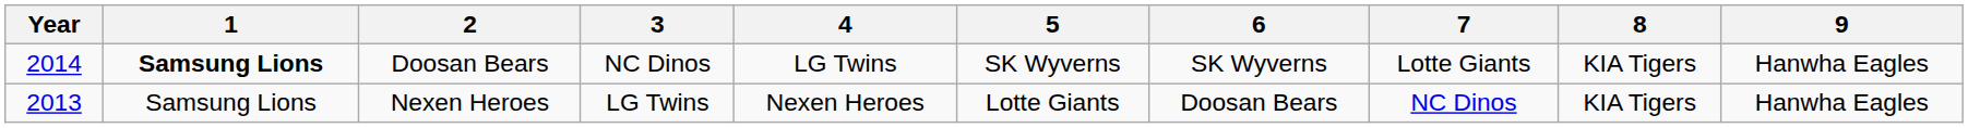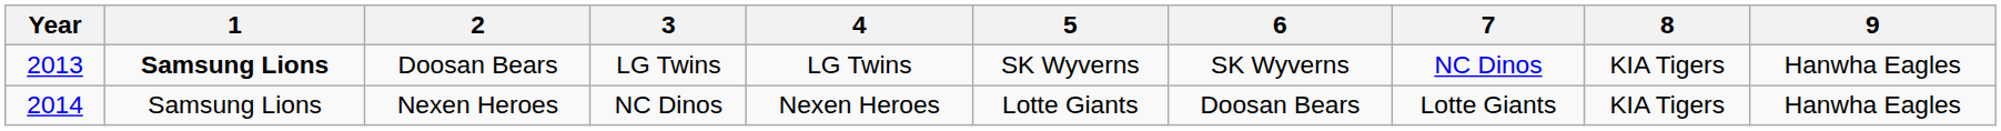 <table class="wikitable" width="100%" style="text-align:center;">
 <tr>
 <th width="5%">Year</th>
 <th>1</th>
 <th>2</th>
 <th>3</th>
 <th>4</th>
 <th>5</th>
 <th>6</th>
 <th>7</th>
 <th>8</th>
 <th>9</th>
 </tr>
 <tr>
-<td><a href='#'>2014</a></td>
+<td><a href='#'>2013</a></td>
 <td><strong>Samsung Lions</strong></td>
 <td>Doosan Bears</td>
-<td>NC Dinos</td>
+<td>LG Twins</td>
 <td>LG Twins</td>
 <td>SK Wyverns</td>
 <td>SK Wyverns</td>
+<td><a href='#'>NC Dinos</a></td>
+<td>KIA Tigers</td>
+<td>Hanwha Eagles</td>
+</tr>
+<tr>
+<td><a href='#'>2014</a></td>
+<td>Samsung Lions</td>
+<td>Nexen Heroes</td>
+<td>NC Dinos</td>
+<td>Nexen Heroes</td>
+<td>Lotte Giants</td>
+<td>Doosan Bears</td>
 <td>Lotte Giants</td>
 <td>KIA Tigers</td>
 <td>Hanwha Eagles</td>
 </tr>
-<tr>
-<td><a href='#'>2013</a></td>
-<td>Samsung Lions</td>
-<td>Nexen Heroes</td>
-<td>LG Twins</td>
-<td>Nexen Heroes</td>
-<td>Lotte Giants</td>
-<td>Doosan Bears</td>
-<td><a href='#'>NC Dinos</a></td>
-<td>KIA Tigers</td>
-<td>Hanwha Eagles</td>
-</tr>
 </table>
